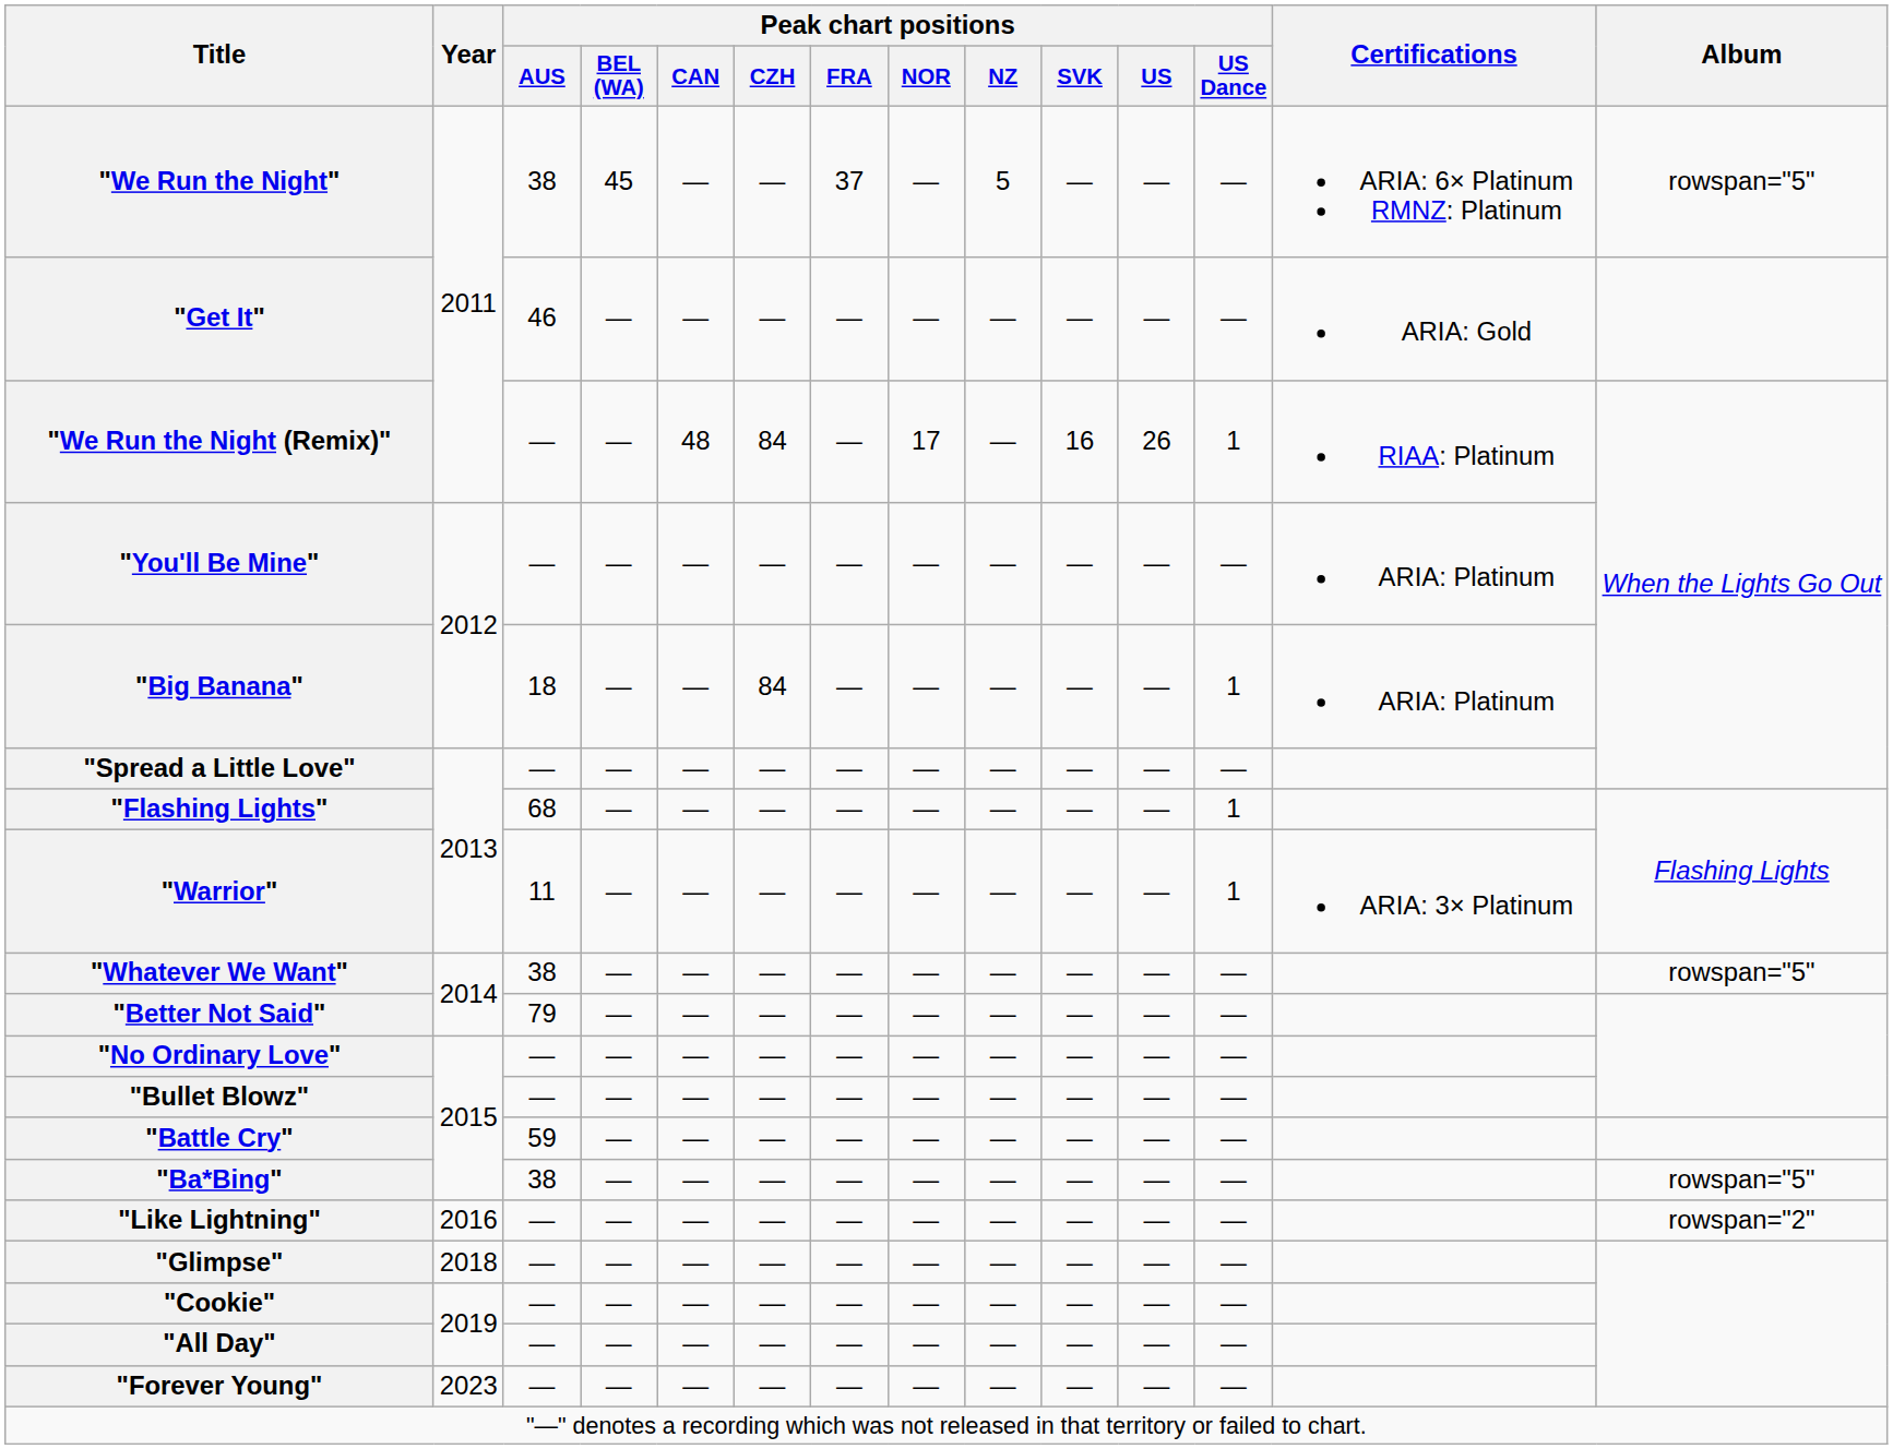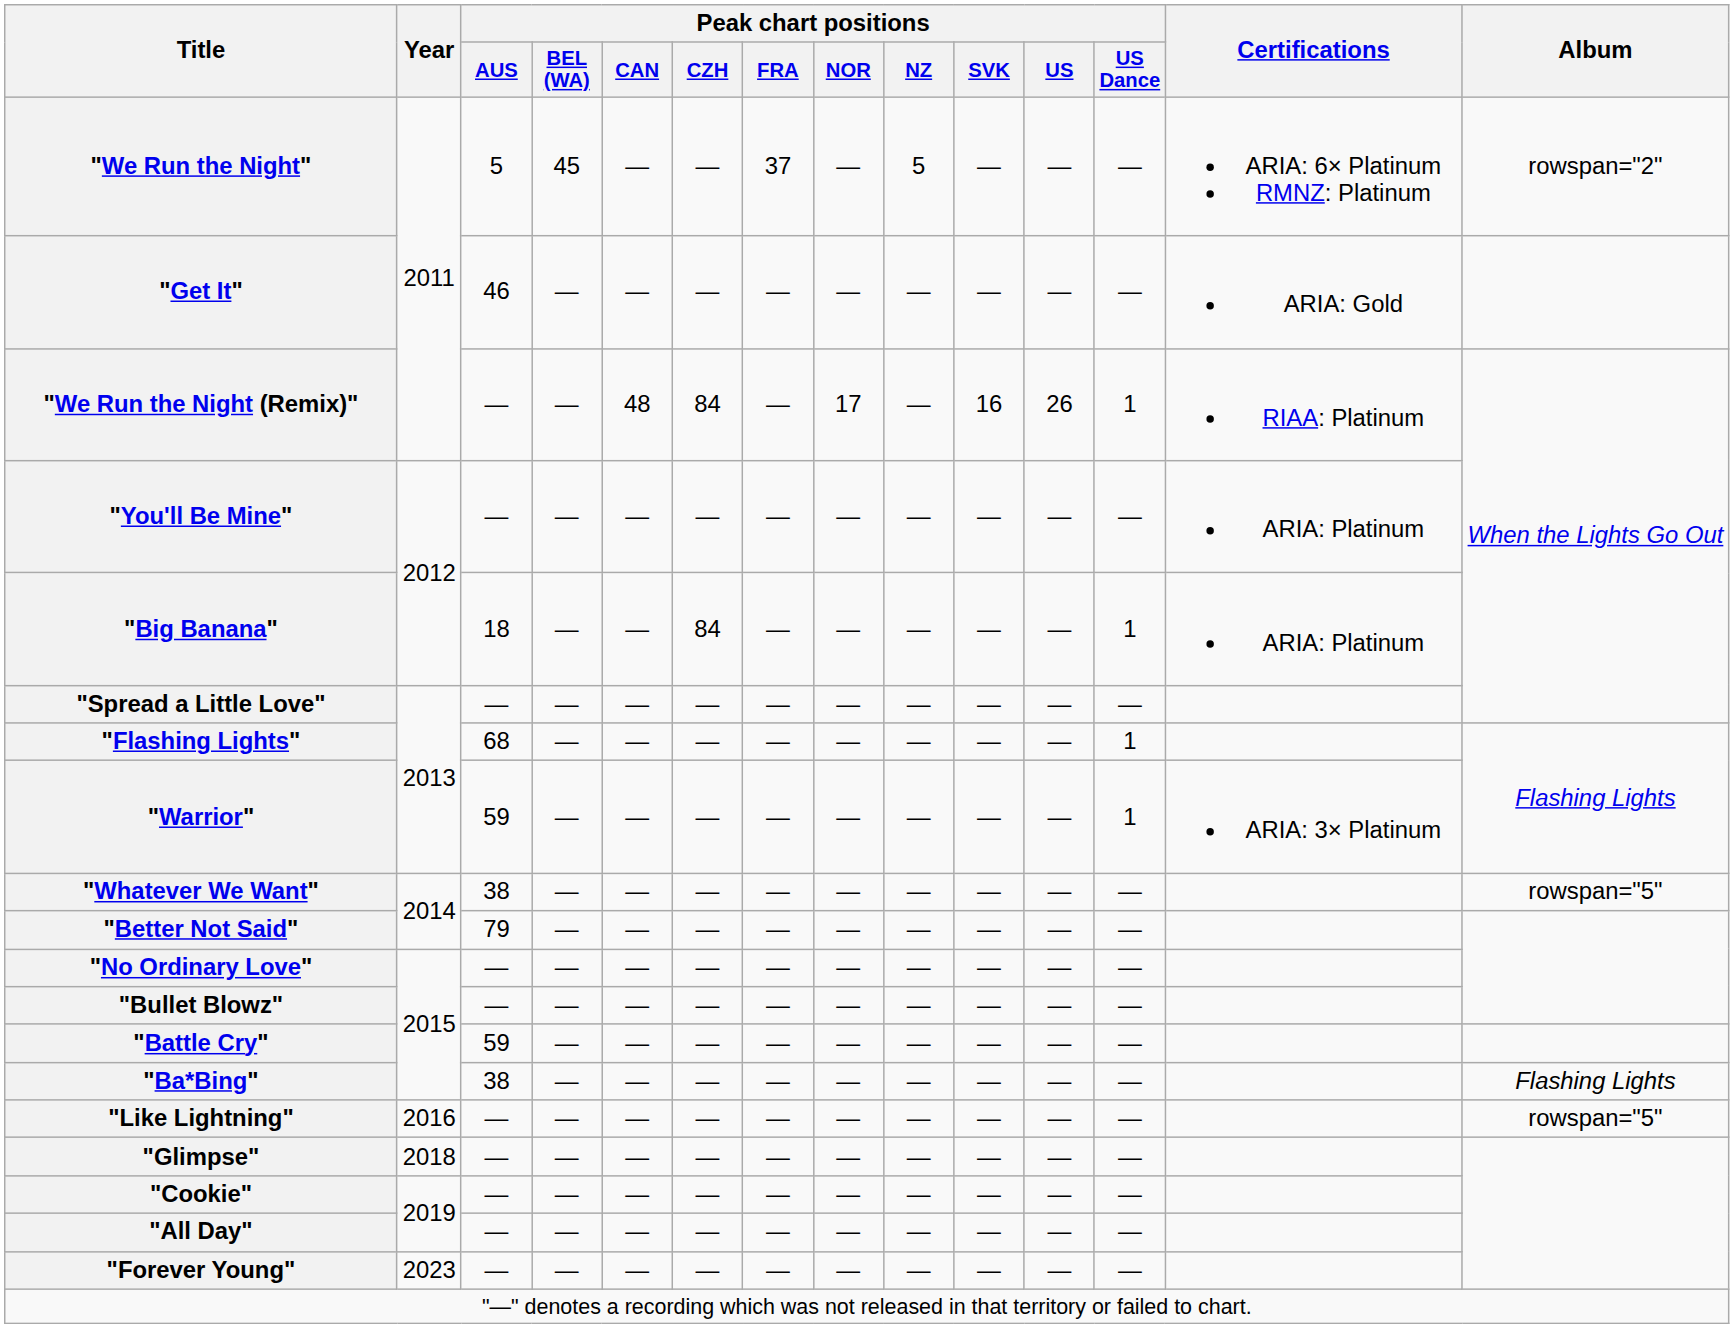 <table class="wikitable plainrowheaders" style="text-align:center;" border="1">
 <tr>
 <th scope="col" rowspan="2" style="width:16em;">Title</th>
 <th scope="col" rowspan="2">Year</th>
 <th scope="col" colspan="10">Peak chart positions</th>
 <th scope="col" rowspan="2" style="width:12em;"><a href='#'>Certifications</a></th>
 <th scope="col" rowspan="2">Album</th>
 </tr>
 <tr>
 <th scope="col" style="width:3em;font-size:85%;"><a href='#'>AUS</a><br></th>
 <th scope="col" style="width:3em;font-size:85%;"><a href='#'>BEL<br>(WA)</a><br></th>
 <th scope="col" style="width:3em;font-size:85%;"><a href='#'>CAN</a><br></th>
 <th scope="col" style="width:3em;font-size:85%;"><a href='#'>CZH</a><br></th>
 <th scope="col" style="width:3em;font-size:85%;"><a href='#'>FRA</a><br></th>
 <th scope="col" style="width:3em;font-size:85%;"><a href='#'>NOR</a><br></th>
 <th scope="col" style="width:3em;font-size:85%;"><a href='#'>NZ</a><br></th>
 <th scope="col" style="width:3em;font-size:85%;"><a href='#'>SVK</a><br></th>
 <th scope="col" style="width:3em;font-size:85%;"><a href='#'>US</a><br></th>
 <th scope="col" style="width:3em;font-size:85%;"><a href='#'>US<br>Dance</a><br></th>
 </tr>
 <tr>
 <th scope="row">"<a href='#'>We Run the Night</a>"</th>
 <td rowspan="3">2011</td>
-<td>38</td>
+<td>5</td>
 <td>45</td>
 <td>—</td>
 <td>—</td>
 <td>37</td>
 <td>—</td>
 <td>5</td>
 <td>—</td>
 <td>—</td>
 <td>—</td>
 <td><br><ul><li>ARIA: 6× Platinum</li><li><a href='#'>RMNZ</a>: Platinum</li></ul></td>
-<td>rowspan="5" </td>
+<td>rowspan="2" </td>
 </tr>
 <tr>
 <th scope="row">"<a href='#'>Get It</a>"</th>
 <td>46</td>
 <td>—</td>
 <td>—</td>
 <td>—</td>
 <td>—</td>
 <td>—</td>
 <td>—</td>
 <td>—</td>
 <td>—</td>
 <td>—</td>
 <td><br><ul><li>ARIA: Gold</li></ul></td>
 </tr>
 <tr>
 <th scope="row">"<a href='#'>We Run the Night</a> (Remix)"<br></th>
 <td>—</td>
 <td>—</td>
 <td>48</td>
 <td>84</td>
 <td>—</td>
 <td>17</td>
 <td>—</td>
 <td>16</td>
 <td>26</td>
 <td>1</td>
 <td><br><ul><li><a href='#'>RIAA</a>: Platinum</li></ul></td>
 <td rowspan="4"><em><a href='#'>When the Lights Go Out</a></em></td>
 </tr>
 <tr>
 <th scope="row">"<a href='#'>You'll Be Mine</a>"<br></th>
 <td rowspan="2">2012</td>
 <td>—</td>
 <td>—</td>
 <td>—</td>
 <td>—</td>
 <td>—</td>
 <td>—</td>
 <td>—</td>
 <td>—</td>
 <td>—</td>
 <td>—</td>
 <td><br><ul><li>ARIA: Platinum</li></ul></td>
 </tr>
 <tr>
 <th scope="row">"<a href='#'>Big Banana</a>"<br></th>
 <td>18</td>
 <td>—</td>
 <td>—</td>
 <td>84</td>
 <td>—</td>
 <td>—</td>
 <td>—</td>
 <td>—</td>
 <td>—</td>
 <td>1</td>
 <td><br><ul><li>ARIA: Platinum</li></ul></td>
 </tr>
 <tr>
 <th scope="row">"Spread a Little Love"</th>
 <td rowspan="3">2013</td>
 <td>—</td>
 <td>—</td>
 <td>—</td>
 <td>—</td>
 <td>—</td>
 <td>—</td>
 <td>—</td>
 <td>—</td>
 <td>—</td>
 <td>—</td>
 <td></td>
 </tr>
 <tr>
 <th scope="row">"<a href='#'>Flashing Lights</a>"</th>
 <td>68</td>
 <td>—</td>
 <td>—</td>
 <td>—</td>
 <td>—</td>
 <td>—</td>
 <td>—</td>
 <td>—</td>
 <td>—</td>
 <td>1</td>
 <td></td>
 <td rowspan="2"><em><a href='#'>Flashing Lights</a></em></td>
 </tr>
 <tr>
 <th scope="row">"<a href='#'>Warrior</a>"</th>
-<td>11</td>
+<td>59</td>
 <td>—</td>
 <td>—</td>
 <td>—</td>
 <td>—</td>
 <td>—</td>
 <td>—</td>
 <td>—</td>
 <td>—</td>
 <td>1</td>
 <td><br><ul><li>ARIA: 3× Platinum</li></ul></td>
 </tr>
 <tr>
 <th scope="row">"<a href='#'>Whatever We Want</a>"</th>
 <td rowspan="2">2014</td>
 <td>38</td>
 <td>—</td>
 <td>—</td>
 <td>—</td>
 <td>—</td>
 <td>—</td>
 <td>—</td>
 <td>—</td>
 <td>—</td>
 <td>—</td>
 <td></td>
 <td>rowspan="5" </td>
 </tr>
 <tr>
 <th scope="row">"<a href='#'>Better Not Said</a>"</th>
 <td>79</td>
 <td>—</td>
 <td>—</td>
 <td>—</td>
 <td>—</td>
 <td>—</td>
 <td>—</td>
 <td>—</td>
 <td>—</td>
 <td>—</td>
 <td></td>
 </tr>
 <tr>
 <th scope="row">"<a href='#'>No Ordinary Love</a>"<br></th>
 <td rowspan="4">2015</td>
 <td>—</td>
 <td>—</td>
 <td>—</td>
 <td>—</td>
 <td>—</td>
 <td>—</td>
 <td>—</td>
 <td>—</td>
 <td>—</td>
 <td>—</td>
 <td></td>
 </tr>
 <tr>
 <th scope="row">"Bullet Blowz"<br></th>
 <td>—</td>
 <td>—</td>
 <td>—</td>
 <td>—</td>
 <td>—</td>
 <td>—</td>
 <td>—</td>
 <td>—</td>
 <td>—</td>
 <td>—</td>
 <td></td>
 </tr>
 <tr>
 <th scope="row">"<a href='#'>Battle Cry</a>"<br></th>
 <td>59</td>
 <td>—</td>
 <td>—</td>
 <td>—</td>
 <td>—</td>
 <td>—</td>
 <td>—</td>
 <td>—</td>
 <td>—</td>
 <td>—</td>
 <td></td>
 <td></td>
 </tr>
 <tr>
 <th scope="row">"<a href='#'>Ba*Bing</a>"</th>
 <td>38</td>
 <td>—</td>
 <td>—</td>
 <td>—</td>
 <td>—</td>
 <td>—</td>
 <td>—</td>
 <td>—</td>
 <td>—</td>
 <td>—</td>
 <td></td>
-<td>rowspan="5" </td>
+<td><em>Flashing Lights</em></td>
 </tr>
 <tr>
 <th scope="row">"Like Lightning"<br></th>
 <td>2016</td>
 <td>—</td>
 <td>—</td>
 <td>—</td>
 <td>—</td>
 <td>—</td>
 <td>—</td>
 <td>—</td>
 <td>—</td>
 <td>—</td>
 <td>—</td>
 <td></td>
-<td>rowspan="2" </td>
+<td>rowspan="5" </td>
 </tr>
 <tr>
 <th scope="row">"Glimpse"<br></th>
 <td>2018</td>
 <td>—</td>
 <td>—</td>
 <td>—</td>
 <td>—</td>
 <td>—</td>
 <td>—</td>
 <td>—</td>
 <td>—</td>
 <td>—</td>
 <td>—</td>
 <td></td>
 </tr>
 <tr>
 <th scope="row">"Cookie"<br></th>
 <td rowspan="2">2019</td>
 <td>—</td>
 <td>—</td>
 <td>—</td>
 <td>—</td>
 <td>—</td>
 <td>—</td>
 <td>—</td>
 <td>—</td>
 <td>—</td>
 <td>—</td>
 <td></td>
 </tr>
 <tr>
 <th scope="row">"All Day"</th>
 <td>—</td>
 <td>—</td>
 <td>—</td>
 <td>—</td>
 <td>—</td>
 <td>—</td>
 <td>—</td>
 <td>—</td>
 <td>—</td>
 <td>—</td>
 <td></td>
 </tr>
 <tr>
 <th scope="row">"Forever Young"</th>
 <td>2023</td>
 <td>—</td>
 <td>—</td>
 <td>—</td>
 <td>—</td>
 <td>—</td>
 <td>—</td>
 <td>—</td>
 <td>—</td>
 <td>—</td>
 <td>—</td>
 <td></td>
 </tr>
 <tr>
 <td colspan="14" style="font-size:90%;">"—" denotes a recording which was not released in that territory or failed to chart.</td>
 </tr>
 </table>
